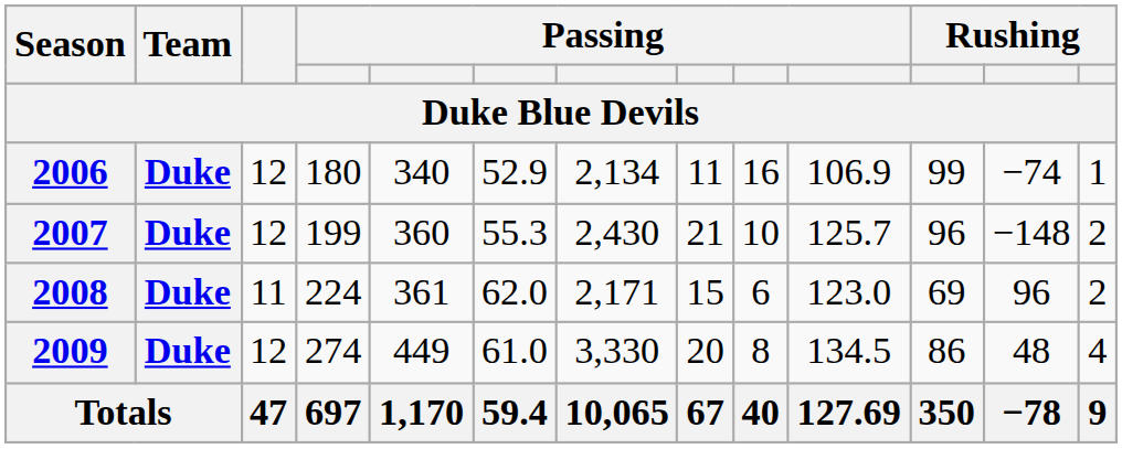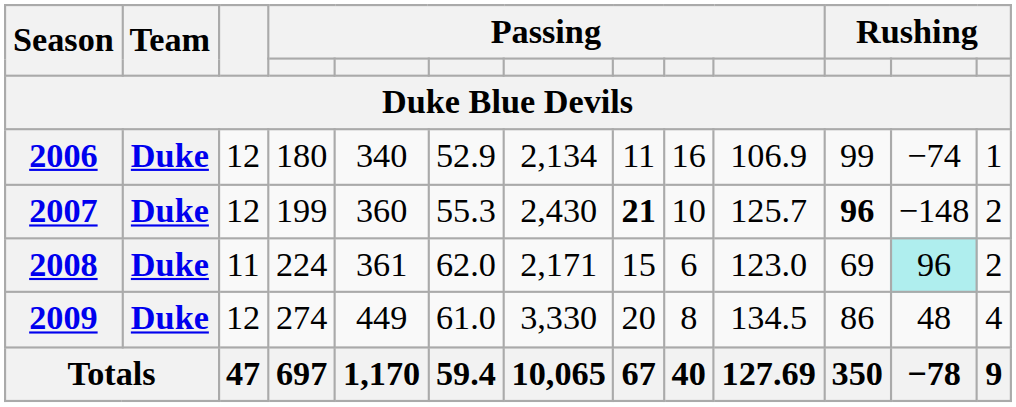 <table class="wikitable" style="text-align:center;">
 <tr>
 <th rowspan="2">Season</th>
 <th rowspan="2">Team</th>
 <th rowspan="2"></th>
 <th colspan="7">Passing</th>
 <th colspan="3">Rushing</th>
 </tr>
 <tr>
 <th></th>
 <th></th>
 <th></th>
 <th></th>
 <th></th>
 <th></th>
 <th></th>
 <th></th>
 <th></th>
 <th></th>
 </tr>
 <tr>
 <th colspan="16">Duke Blue Devils</th>
 </tr>
 <tr>
 <th><a href='#'>2006</a></th>
 <th><a href='#'>Duke</a></th>
 <td>12</td>
 <td>180</td>
 <td>340</td>
 <td>52.9</td>
 <td>2,134</td>
 <td>11</td>
 <td>16</td>
 <td>106.9</td>
 <td>99</td>
 <td>−74</td>
 <td>1</td>
 </tr>
 <tr>
 <th><a href='#'>2007</a></th>
 <th><a href='#'>Duke</a></th>
 <td>12</td>
 <td>199</td>
 <td>360</td>
 <td>55.3</td>
 <td>2,430</td>
-<td>21</td>
+<td><strong>21</strong></td>
 <td>10</td>
 <td>125.7</td>
-<td>96</td>
+<td><strong>96</strong></td>
 <td>−148</td>
 <td>2</td>
 </tr>
 <tr>
 <th><a href='#'>2008</a></th>
 <th><a href='#'>Duke</a></th>
 <td>11</td>
 <td>224</td>
 <td>361</td>
 <td>62.0</td>
 <td>2,171</td>
 <td>15</td>
 <td>6</td>
 <td>123.0</td>
 <td>69</td>
-<td>96</td>
+<td style="background: paleturquoise;">96</td>
 <td>2</td>
 </tr>
 <tr>
 <th><a href='#'>2009</a></th>
 <th><a href='#'>Duke</a></th>
 <td>12</td>
 <td>274</td>
 <td>449</td>
 <td>61.0</td>
 <td>3,330</td>
 <td>20</td>
 <td>8</td>
 <td>134.5</td>
 <td>86</td>
 <td>48</td>
 <td>4</td>
 </tr>
 <tr>
 <th colspan="2">Totals</th>
 <th>47</th>
 <th>697</th>
 <th>1,170</th>
 <th>59.4</th>
 <th>10,065</th>
 <th>67</th>
 <th>40</th>
 <th>127.69</th>
 <th>350</th>
 <th>−78</th>
 <th>9</th>
 </tr>
 </table>
